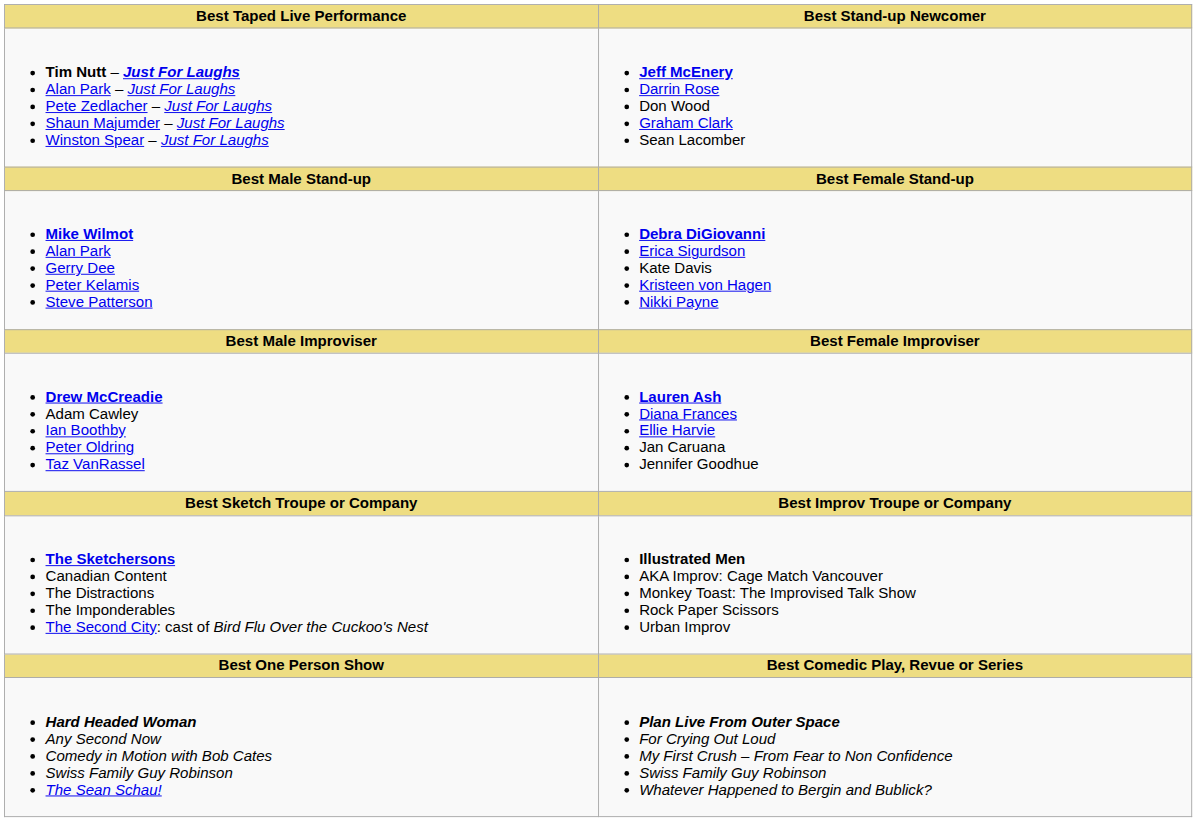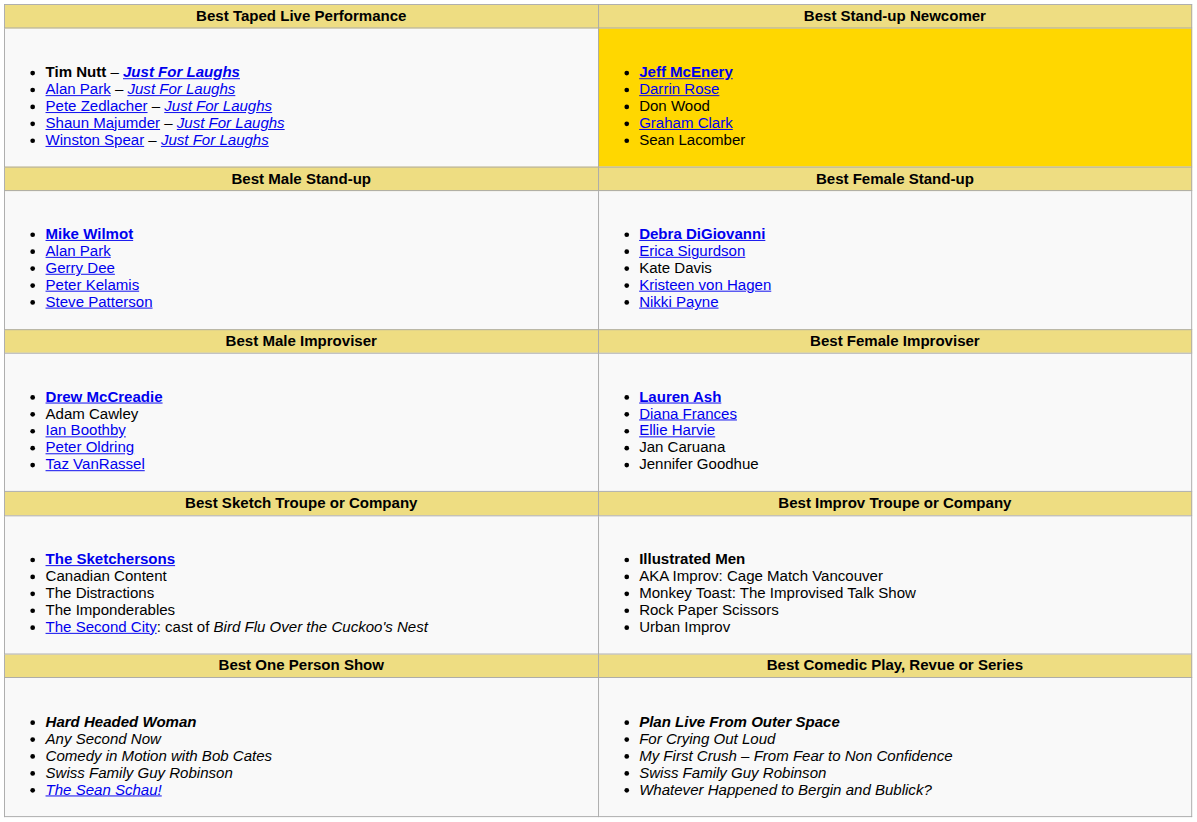 <table class="wikitable" style="width:100%">
 <tr>
 <th style="background:#EEDD82; width:50%">Best Taped Live Performance</th>
 <th style="background:#EEDD82; width:50%">Best Stand-up Newcomer</th>
 </tr>
 <tr>
 <td valign="top"><br><ul><li> <strong>Tim Nutt</strong> – <strong><em><a href='#'>Just For Laughs</a></em></strong></li><li><a href='#'>Alan Park</a> – <em><a href='#'>Just For Laughs</a></em></li><li><a href='#'>Pete Zedlacher</a> – <em><a href='#'>Just For Laughs</a></em></li><li><a href='#'>Shaun Majumder</a> – <em><a href='#'>Just For Laughs</a></em></li><li><a href='#'>Winston Spear</a> – <em><a href='#'>Just For Laughs</a></em></li></ul></td>
-<td valign="top"><br><ul><li> <strong><a href='#'>Jeff McEnery</a></strong></li><li><a href='#'>Darrin Rose</a></li><li>Don Wood</li><li><a href='#'>Graham Clark</a></li><li>Sean Lacomber</li></ul></td>
+<td valign="top" style="background: gold;"><br><ul><li> <strong><a href='#'>Jeff McEnery</a></strong></li><li><a href='#'>Darrin Rose</a></li><li>Don Wood</li><li><a href='#'>Graham Clark</a></li><li>Sean Lacomber</li></ul></td>
 </tr>
 <tr>
 <th style="background:#EEDD82; width:50%">Best Male Stand-up</th>
 <th style="background:#EEDD82; width:50%">Best Female Stand-up</th>
 </tr>
 <tr>
 <td valign="top"><br><ul><li> <strong><a href='#'>Mike Wilmot</a></strong></li><li><a href='#'>Alan Park</a></li><li><a href='#'>Gerry Dee</a></li><li><a href='#'>Peter Kelamis</a></li><li><a href='#'>Steve Patterson</a></li></ul></td>
 <td valign="top"><br><ul><li> <strong><a href='#'>Debra DiGiovanni</a></strong></li><li><a href='#'>Erica Sigurdson</a></li><li>Kate Davis</li><li><a href='#'>Kristeen von Hagen</a></li><li><a href='#'>Nikki Payne</a></li></ul></td>
 </tr>
 <tr>
 <th style="background:#EEDD82; width:50%">Best Male Improviser</th>
 <th style="background:#EEDD82; width:50%">Best Female Improviser</th>
 </tr>
 <tr>
 <td valign="top"><br><ul><li> <strong><a href='#'>Drew McCreadie</a></strong></li><li>Adam Cawley</li><li><a href='#'>Ian Boothby</a></li><li><a href='#'>Peter Oldring</a></li><li><a href='#'>Taz VanRassel</a></li></ul></td>
 <td valign="top"><br><ul><li> <strong><a href='#'>Lauren Ash</a></strong></li><li><a href='#'>Diana Frances</a></li><li><a href='#'>Ellie Harvie</a></li><li>Jan Caruana</li><li>Jennifer Goodhue</li></ul></td>
 </tr>
 <tr>
 <th style="background:#EEDD82; width:50%">Best Sketch Troupe or Company</th>
 <th style="background:#EEDD82; width:50%">Best Improv Troupe or Company</th>
 </tr>
 <tr>
 <td valign="top"><br><ul><li> <strong><a href='#'>The Sketchersons</a></strong></li><li>Canadian Content</li><li>The Distractions</li><li>The Imponderables</li><li><a href='#'>The Second City</a>: cast of <em>Bird Flu Over the Cuckoo's Nest</em></li></ul></td>
 <td valign="top"><br><ul><li> <strong>Illustrated Men</strong></li><li>AKA Improv: Cage Match Vancouver</li><li>Monkey Toast: The Improvised Talk Show</li><li>Rock Paper Scissors</li><li>Urban Improv</li></ul></td>
 </tr>
 <tr>
 <th style="background:#EEDD82; width:50%">Best One Person Show</th>
 <th style="background:#EEDD82; width:50%">Best Comedic Play, Revue or Series</th>
 </tr>
 <tr>
 <td valign="top"><br><ul><li> <strong><em>Hard Headed Woman</em></strong></li><li><em>Any Second Now</em></li><li><em>Comedy in Motion with Bob Cates</em></li><li><em>Swiss Family Guy Robinson</em></li><li><em><a href='#'>The Sean Schau!</a></em></li></ul></td>
 <td valign="top"><br><ul><li> <strong><em>Plan Live From Outer Space</em></strong></li><li><em>For Crying Out Loud</em></li><li><em>My First Crush – From Fear to Non Confidence</em></li><li><em>Swiss Family Guy Robinson</em></li><li><em>Whatever Happened to Bergin and Bublick?</em></li></ul></td>
 </tr>
 </table>
